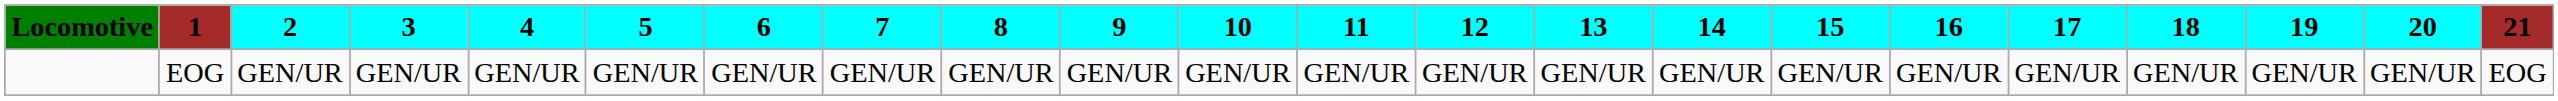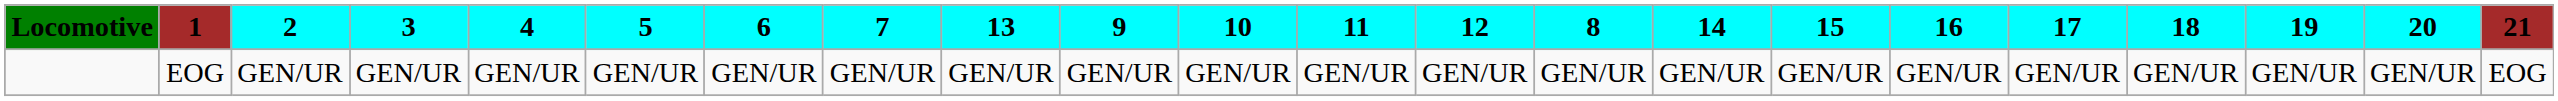 <table class="wikitable plainrowheaders unsortable" style="text-align:center">
 <tr>
 <th scope="col" rowspan="1" style="background:green;">Locomotive</th>
 <th scope="col" rowspan="1" style="background:brown;">1</th>
 <th scope="col" rowspan="1" style="background:cyan;">2</th>
 <th scope="col" rowspan="1" style="background:cyan;">3</th>
 <th scope="col" rowspan="1" style="background:cyan;">4</th>
 <th scope="col" rowspan="1" style="background:cyan;">5</th>
 <th scope="col" rowspan="1" style="background:cyan;">6</th>
 <th scope="col" rowspan="1" style="background:cyan;">7</th>
-<th scope="col" rowspan="1" style="background:cyan;">8</th>
+<th scope="col" rowspan="1" style="background:cyan;">13</th>
 <th scope="col" rowspan="1" style="background:cyan;">9</th>
 <th scope="col" rowspan="1" style="background:cyan;">10</th>
 <th scope="col" rowspan="1" style="background:cyan;">11</th>
 <th scope="col" rowspan="1" style="background:cyan;">12</th>
-<th scope="col" rowspan="1" style="background:cyan;">13</th>
+<th scope="col" rowspan="1" style="background:cyan;">8</th>
 <th scope="col" rowspan="1" style="background:cyan;">14</th>
 <th scope="col" rowspan="1" style="background:cyan;">15</th>
 <th scope="col" rowspan="1" style="background:cyan;">16</th>
 <th scope="col" rowspan="1" style="background:cyan;">17</th>
 <th scope="col" rowspan="1" style="background:cyan;">18</th>
 <th scope="col" rowspan="1" style="background:cyan;">19</th>
 <th scope="col" rowspan="1" style="background:cyan;">20</th>
 <th scope="col" rowspan="1" style="background:brown;">21</th>
 </tr>
 <tr>
 <td></td>
 <td>EOG</td>
 <td>GEN/UR</td>
 <td>GEN/UR</td>
 <td>GEN/UR</td>
 <td>GEN/UR</td>
 <td>GEN/UR</td>
 <td>GEN/UR</td>
 <td>GEN/UR</td>
 <td>GEN/UR</td>
 <td>GEN/UR</td>
 <td>GEN/UR</td>
 <td>GEN/UR</td>
 <td>GEN/UR</td>
 <td>GEN/UR</td>
 <td>GEN/UR</td>
 <td>GEN/UR</td>
 <td>GEN/UR</td>
 <td>GEN/UR</td>
 <td>GEN/UR</td>
 <td>GEN/UR</td>
 <td>EOG</td>
 </tr>
 </table>
